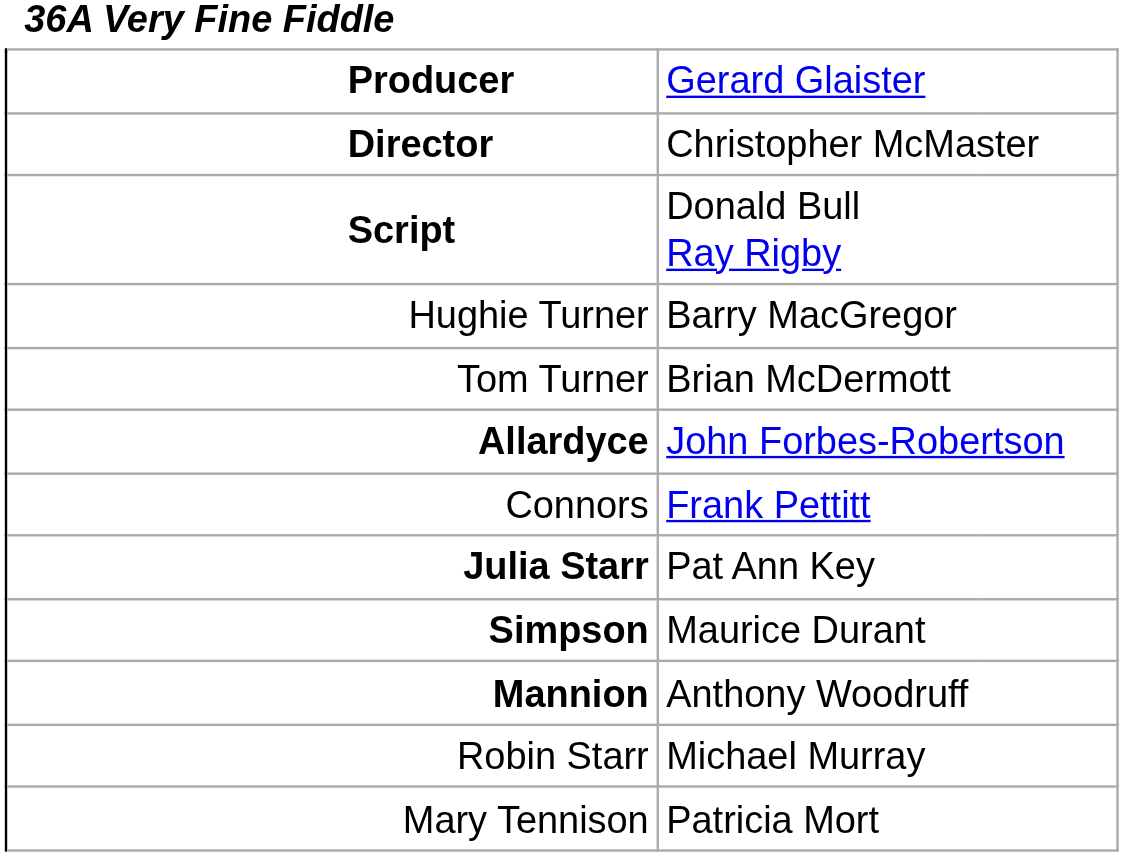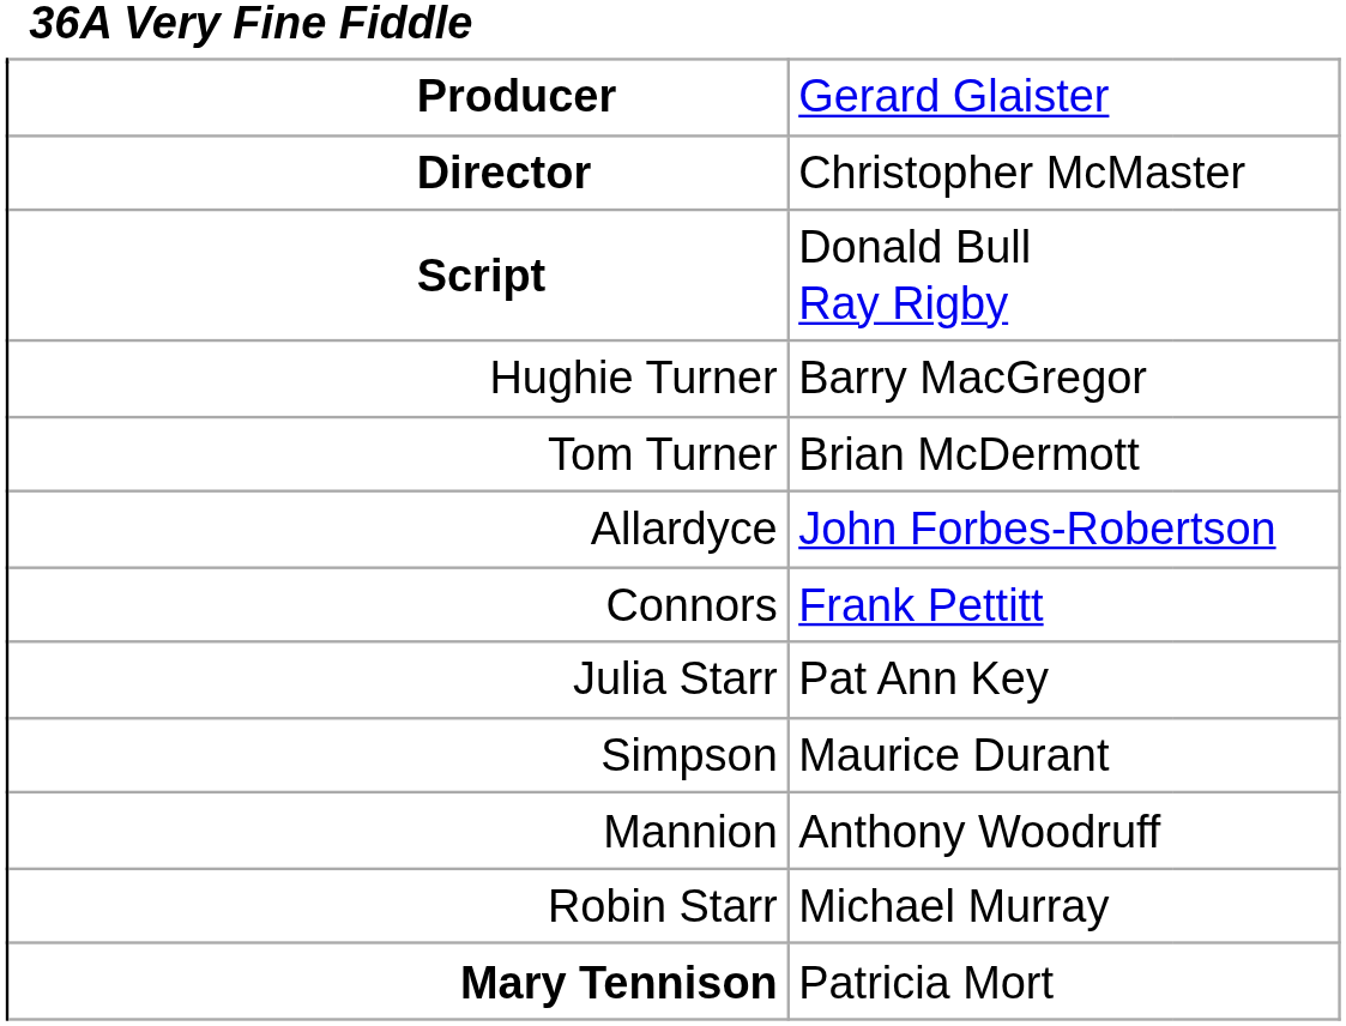 <table class="wikitable mw-collapsible mw-collapsed" style="vertical-align:top;margin:auto 2em;line-height:1.2;min-width:33em;display: inline-table;background-color:inherit;border:none;">
 <tr>
 <td class=unsortable style="border:hidden;line-height:1.67;text-align:center;margin-left:-1em;padding-left:0.5em;min-width:1.0em;"></td>
 <td class=unsortable style="border:none;padding-left:0.5em;text-align:left;min-width:16.5em;font-weight:700;font-style:italic;">36A Very Fine Fiddle</td>
 <td class=unsortable style="border:none;text-align:right;font-weight:normal;font-family:Courier;font-size:95%;letter-spacing:-1pt;min-width:8.5em;padding-right:0.2em;"></td>
 <td class=unsortable style="border:hidden;min-width:3.5em;padding-left:0;"></td>
 <td class=unsortable style="border:hidden;min-width:3.5em;font-size:95%;"></td>
 </tr>
 <tr>
 <td rowspan=100 style="border:none thin;border-right-style :solid;"></td>
 </tr>
 <tr>
 <td style="text-align:left;padding-left:9.0em;font-weight:bold;">Producer</td>
 <td colspan=2><a href='#'>Gerard Glaister</a></td>
 </tr>
 <tr>
 <td style="text-align:left;padding-left:9.0em;font-weight:bold;">Director</td>
 <td colspan=2>Christopher McMaster</td>
 </tr>
 <tr>
 <td style="text-align:left;padding-left:9.0em;font-weight:bold;">Script</td>
 <td colspan=2>Donald Bull<br><a href='#'>Ray Rigby</a></td>
 </tr>
 <tr>
 <td style="text-align:right;">Hughie Turner</td>
 <td colspan=2>Barry MacGregor</td>
 </tr>
 <tr>
 <td style="text-align:right;">Tom Turner</td>
 <td colspan=2>Brian McDermott</td>
 </tr>
 <tr>
-<td style="text-align:right;"><strong>Allardyce</strong></td>
+<td style="text-align:right;">Allardyce</td>
 <td colspan=2><a href='#'>John Forbes-Robertson</a></td>
 </tr>
 <tr>
 <td style="text-align:right;">Connors</td>
 <td colspan=2><a href='#'>Frank Pettitt</a></td>
 </tr>
 <tr>
-<td style="text-align:right;"><strong>Julia Starr</strong></td>
+<td style="text-align:right;">Julia Starr</td>
 <td colspan=2>Pat Ann Key</td>
 </tr>
 <tr>
-<td style="text-align:right;"><strong>Simpson</strong></td>
+<td style="text-align:right;">Simpson</td>
 <td colspan=2>Maurice Durant</td>
 </tr>
 <tr>
-<td style="text-align:right;"><strong>Mannion</strong></td>
+<td style="text-align:right;">Mannion</td>
 <td colspan=2>Anthony Woodruff</td>
 </tr>
 <tr>
 <td style="text-align:right;">Robin Starr</td>
 <td colspan=2>Michael Murray</td>
 </tr>
 <tr>
-<td style="text-align:right;">Mary Tennison</td>
+<td style="text-align:right;"><strong>Mary Tennison</strong></td>
 <td colspan=2>Patricia Mort</td>
 </tr>
 </table>
